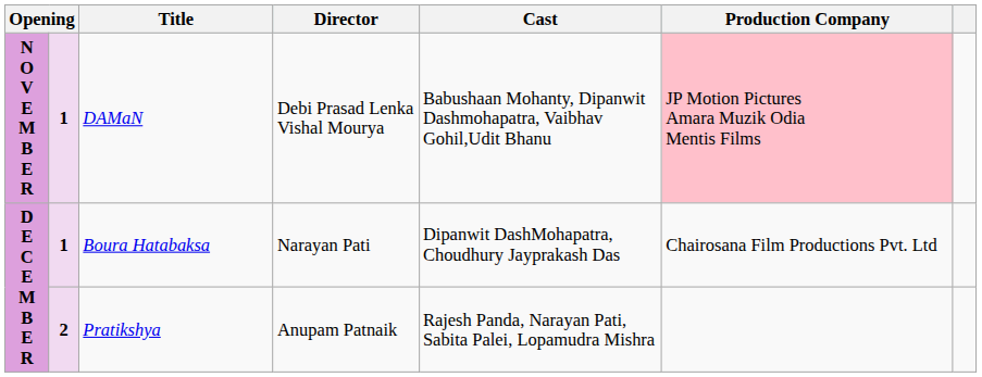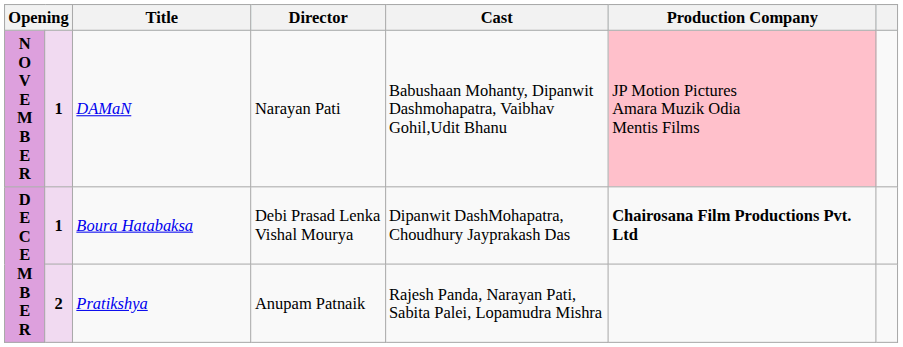 <table class="wikitable sortable">
 <tr style="background:#b0e0e6; text-align:center;">
 <th colspan="2" style="width:1%;"><strong>Opening</strong></th>
 <th style="width:20%;"><strong>Title</strong></th>
 <th style="width:15%;"><strong>Director</strong></th>
 <th style="width:25%;"><strong>Cast</strong></th>
 <th style="width:30%;"><strong>Production Company</strong></th>
 <th scope="col" class="unsortable"></th>
 </tr>
 <tr>
 <th style="text-align:center; background:plum; text color:#000;">N<br>O<br>V<br>E<br>M<br>B<br>E<br>R</th>
 <td rowspan="1" style="text-align:center; background:#f1daf1"><strong>1</strong></td>
 <td><em><a href='#'>DAMaN</a></em></td>
-<td>Debi Prasad Lenka<br>Vishal Mourya</td>
+<td>Narayan Pati</td>
 <td>Babushaan Mohanty, Dipanwit Dashmohapatra, Vaibhav Gohil,Udit Bhanu</td>
 <td style="background: pink;">JP Motion Pictures<br>Amara Muzik Odia<br>Mentis Films</td>
 <td></td>
 </tr>
 <tr>
 <th rowspan="2" style="text-align:center; background:plum; text color:#000;">D<br>E<br>C<br>E<br>M<br>B<br>E<br>R</th>
 <td rowspan="1" style="text-align:center; background:#f1daf1"><strong>1</strong></td>
 <td><em><a href='#'>Boura Hatabaksa</a></em></td>
-<td>Narayan Pati</td>
+<td>Debi Prasad Lenka<br>Vishal Mourya</td>
 <td>Dipanwit DashMohapatra, Choudhury Jayprakash Das</td>
-<td>Chairosana Film Productions Pvt. Ltd</td>
+<td><strong>Chairosana Film Productions Pvt. Ltd</strong></td>
 <td></td>
 </tr>
 <tr>
 <td rowspan="1" style="text-align:center; background:#f1daf1"><strong>2</strong></td>
 <td><em><a href='#'>Pratikshya</a></em></td>
 <td>Anupam Patnaik</td>
 <td>Rajesh Panda, Narayan Pati, Sabita Palei, Lopamudra Mishra</td>
 <td></td>
 <td></td>
 </tr>
 </table>
